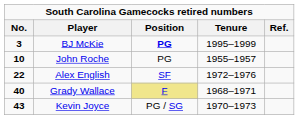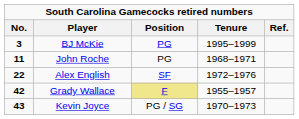 <table class="wikitable sortable" style="text-align:center">
 <tr>
 <td colspan=6><strong>South Carolina Gamecocks retired numbers</strong></td>
 </tr>
 <tr>
 <th width=40px>No.</th>
 <th width=150px>Player</th>
 <th width=100px>Position</th>
 <th width=100px>Tenure</th>
 <th width=40px>Ref.</th>
 </tr>
 <tr>
 <td><strong>3</strong></td>
 <td><a href='#'>BJ McKie</a></td>
-<td><strong><a href='#'>PG</a></strong></td>
+<td><a href='#'>PG</a></td>
 <td>1995–1999</td>
 <td></td>
 </tr>
 <tr>
-<td><strong>10</strong></td>
+<td><strong>11</strong></td>
 <td><a href='#'>John Roche</a></td>
 <td>PG</td>
-<td>1955–1957</td>
+<td>1968–1971</td>
 <td></td>
 </tr>
 <tr>
 <td><strong>22</strong></td>
 <td><a href='#'>Alex English</a></td>
 <td><a href='#'>SF</a></td>
 <td>1972–1976</td>
 <td></td>
 </tr>
 <tr>
-<td><strong>40</strong></td>
+<td><strong>42</strong></td>
 <td><a href='#'>Grady Wallace</a></td>
 <td style="background: khaki;"><a href='#'>F</a></td>
-<td>1968–1971</td>
+<td>1955–1957</td>
 <td></td>
 </tr>
 <tr>
 <td><strong>43</strong></td>
 <td><a href='#'>Kevin Joyce</a></td>
 <td>PG / <a href='#'>SG</a></td>
 <td>1970–1973</td>
 <td></td>
 </tr>
 </table>
